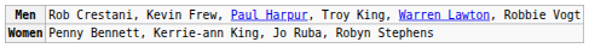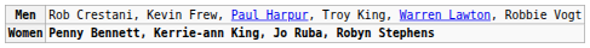 <table class="wikitable">
 <tr>
 <th>Men</th>
 <td>Rob Crestani, Kevin Frew, <a href='#'>Paul Harpur</a>, Troy King, <a href='#'>Warren Lawton</a>, Robbie Vogt</td>
 </tr>
 <tr>
 <th>Women</th>
-<td>Penny Bennett, Kerrie-ann King, Jo Ruba, Robyn Stephens</td>
+<td><strong>Penny Bennett, Kerrie-ann King, Jo Ruba, Robyn Stephens</strong></td>
 </tr>
 </table>
